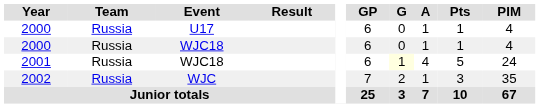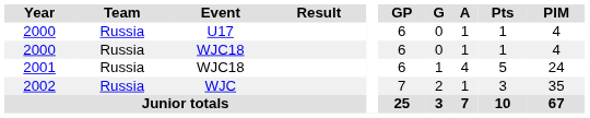 <table border="0" cellpadding="1" cellspacing="0" style="text-align:center; width:40em">
 <tr ALIGN="center" bgcolor="#e0e0e0">
 <th>Year</th>
 <th>Team</th>
 <th>Event</th>
 <th>Result</th>
 <th rowspan="99" bgcolor="#ffffff"> </th>
 <th>GP</th>
 <th>G</th>
 <th>A</th>
 <th>Pts</th>
 <th>PIM</th>
 </tr>
 <tr>
 <td><a href='#'>2000</a></td>
 <td><a href='#'>Russia</a></td>
 <td><a href='#'>U17</a></td>
 <td></td>
 <td>6</td>
 <td>0</td>
 <td>1</td>
 <td>1</td>
 <td>4</td>
 </tr>
 <tr bgcolor="#f0f0f0">
 <td><a href='#'>2000</a></td>
 <td>Russia</td>
 <td><a href='#'>WJC18</a></td>
 <td></td>
 <td>6</td>
 <td>0</td>
 <td>1</td>
 <td>1</td>
 <td>4</td>
 </tr>
 <tr>
 <td><a href='#'>2001</a></td>
 <td>Russia</td>
 <td>WJC18</td>
 <td></td>
 <td>6</td>
-<td style="background: lightyellow;">1</td>
+<td>1</td>
 <td>4</td>
 <td>5</td>
 <td>24</td>
 </tr>
 <tr bgcolor="#f0f0f0">
 <td><a href='#'>2002</a></td>
 <td><a href='#'>Russia</a></td>
 <td><a href='#'>WJC</a></td>
 <td></td>
 <td>7</td>
 <td>2</td>
 <td>1</td>
 <td>3</td>
 <td>35</td>
 </tr>
 <tr bgcolor="#e0e0e0">
 <th colspan="4">Junior totals</th>
 <th>25</th>
 <th>3</th>
 <th>7</th>
 <th>10</th>
 <th>67</th>
 </tr>
 </table>
